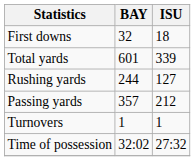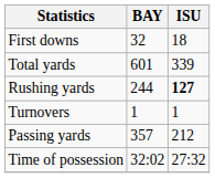 <table class="wikitable">
 <tr>
 <th>Statistics</th>
 <th>BAY</th>
 <th>ISU</th>
 </tr>
 <tr>
 <td>First downs</td>
 <td>32</td>
 <td>18</td>
 </tr>
 <tr>
 <td>Total yards</td>
 <td>601</td>
 <td>339</td>
 </tr>
 <tr>
 <td>Rushing yards</td>
 <td>244</td>
-<td>127</td>
+<td><strong>127</strong></td>
+</tr>
+<tr>
+<td>Turnovers</td>
+<td>1</td>
+<td>1</td>
 </tr>
 <tr>
 <td>Passing yards</td>
 <td>357</td>
 <td>212</td>
-</tr>
-<tr>
-<td>Turnovers</td>
-<td>1</td>
-<td>1</td>
 </tr>
 <tr>
 <td>Time of possession</td>
 <td>32:02</td>
 <td>27:32</td>
 </tr>
 <tr>
 </tr>
 </table>
